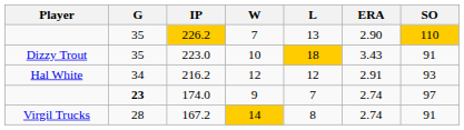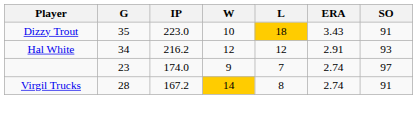 <table class="wikitable sortable">
 <tr>
 <th bgcolor="#DDDDFF" width="16%">Player</th>
 <th bgcolor="#DDDDFF" width="9%">G</th>
 <th bgcolor="#DDDDFF" width="9%">IP</th>
 <th bgcolor="#DDDDFF" width="9%">W</th>
 <th bgcolor="#DDDDFF" width="9%">L</th>
 <th bgcolor="#DDDDFF" width="9%">ERA</th>
 <th bgcolor="#DDDDFF" width="9%">SO</th>
-</tr>
-<tr align="center">
-<td></td>
-<td>35</td>
-<td style="background:#fc0;">226.2</td>
-<td>7</td>
-<td>13</td>
-<td>2.90</td>
-<td style="background:#fc0;">110</td>
 </tr>
 <tr align="center">
 <td><a href='#'>Dizzy Trout</a></td>
 <td>35</td>
 <td>223.0</td>
 <td>10</td>
 <td style="background:#fc0;">18</td>
 <td>3.43</td>
 <td>91</td>
 </tr>
 <tr align=center>
 <td><a href='#'>Hal White</a></td>
 <td>34</td>
 <td>216.2</td>
 <td>12</td>
 <td>12</td>
 <td>2.91</td>
 <td>93</td>
 </tr>
 <tr align=center>
 <td></td>
-<td><strong>23</strong></td>
+<td>23</td>
 <td>174.0</td>
 <td>9</td>
 <td>7</td>
 <td>2.74</td>
 <td>97</td>
 </tr>
 <tr align="center">
 <td><a href='#'>Virgil Trucks</a></td>
 <td>28</td>
 <td>167.2</td>
 <td style="background:#fc0;">14</td>
 <td>8</td>
 <td>2.74</td>
 <td>91</td>
 </tr>
 </table>
